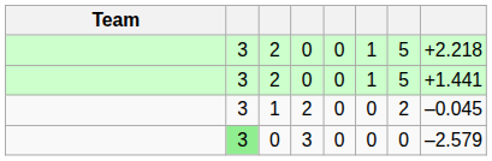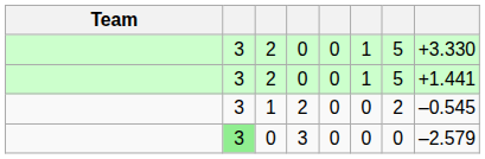 <table class="wikitable" style="text-align:center">
 <tr>
 <th width=180>Team</th>
 <th width=20></th>
 <th width=20></th>
 <th width=20></th>
 <th width=20></th>
 <th width=20></th>
 <th width=20></th>
 <th width=45></th>
 </tr>
 <tr style="background:#cfc">
 <td align="left"></td>
 <td>3</td>
 <td>2</td>
 <td>0</td>
 <td>0</td>
 <td>1</td>
 <td>5</td>
-<td>+2.218</td>
+<td>+3.330</td>
 </tr>
 <tr style="background:#cfc">
 <td align="left"></td>
 <td>3</td>
 <td>2</td>
 <td>0</td>
 <td>0</td>
 <td>1</td>
 <td>5</td>
 <td>+1.441</td>
 </tr>
 <tr>
 <td align="left"></td>
 <td>3</td>
 <td>1</td>
 <td>2</td>
 <td>0</td>
 <td>0</td>
 <td>2</td>
-<td>–0.045</td>
+<td>–0.545</td>
 </tr>
 <tr>
 <td align="left"></td>
 <td style="background: lightgreen;">3</td>
 <td>0</td>
 <td>3</td>
 <td>0</td>
 <td>0</td>
 <td>0</td>
 <td>–2.579</td>
 </tr>
 </table>
